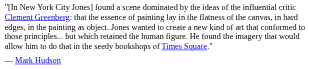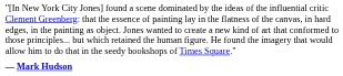 <table class="toccolours" style="float: left; margin-left: 0em; margin-right: 2em; font-size: 85%; background:offwhite; color:black; width:40em; max-width: 40%;" cellspacing="5">
 <tr>
 <td style="text-align: left;">"[In New York City Jones] found a scene dominated by the ideas of the influential critic <a href='#'>Clement Greenberg</a>: that the essence of painting lay in the flatness of the canvas, in hard edges, in the painting as object. Jones wanted to create a new kind of art that conformed to those principles... but which retained the human figure. He found the imagery that would allow him to do that in the seedy bookshops of <a href='#'>Times Square</a>."</td>
 </tr>
 <tr>
-<td style="text-align: left;">— <a href='#'>Mark Hudson</a></td>
+<td style="text-align: left;"><strong>— <a href='#'>Mark Hudson</a></strong></td>
 </tr>
 </table>
